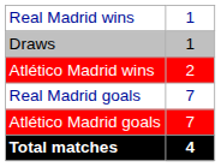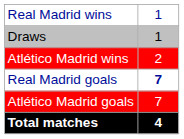 <table class="wikitable">
 <tr style="color:#000c99; background:#fff;">
 <td style="width:150px;">Real Madrid wins</td>
 <td style="color:#000c99; background:#fff; text-align:center; width:40px;">1</td>
 </tr>
 <tr style="color:#000; background:silver;">
 <td>Draws</td>
 <td style="color:#000; background:silver; text-align:center;">1</td>
 </tr>
 <tr style="color:white;">
 <td style="background:red">Atlético Madrid wins</td>
 <td style="color:white; background:red; text-align: center;">2</td>
 </tr>
 <tr style="color:#000c99; background:#fff;">
 <td style="width:150px;">Real Madrid goals</td>
-<td style="color:#000c99; background:#fff; text-align:center;">7</td>
+<td style="color:#000c99; background:#fff; text-align:center;"><strong>7</strong></td>
 </tr>
 <tr style="color:white;">
 <td style="background:red">Atlético Madrid goals</td>
 <td style="color:white; background:red; text-align: center;">7</td>
 </tr>
 <tr style="color:#fff; background:#000;">
 <td><strong>Total matches</strong></td>
 <td style="color:#fff; background:#000; text-align:center;"><strong>4</strong></td>
 </tr>
 </table>
